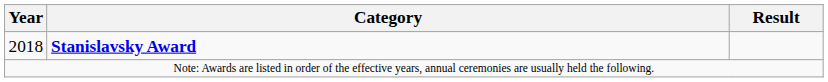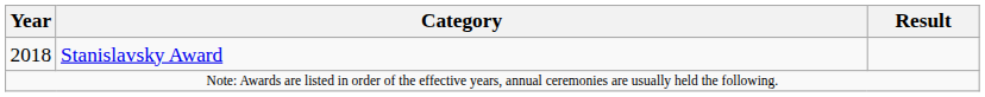 <table class="wikitable">
 <tr>
 <th scope="col" style="width:1em;">Year</th>
 <th scope="col" style="width:39em;">Category</th>
 <th scope="col" style="width:5em;">Result</th>
 </tr>
 <tr>
 <td>2018</td>
-<td><strong><a href='#'>Stanislavsky Award</a></strong></td>
+<td><a href='#'>Stanislavsky Award</a></td>
 <td></td>
 </tr>
 <tr>
 <td colspan="3" width="100%" style="font-size:8pt" align="center">Note: Awards are listed in order of the effective years, annual ceremonies are usually held the following.</td>
 </tr>
 </table>
